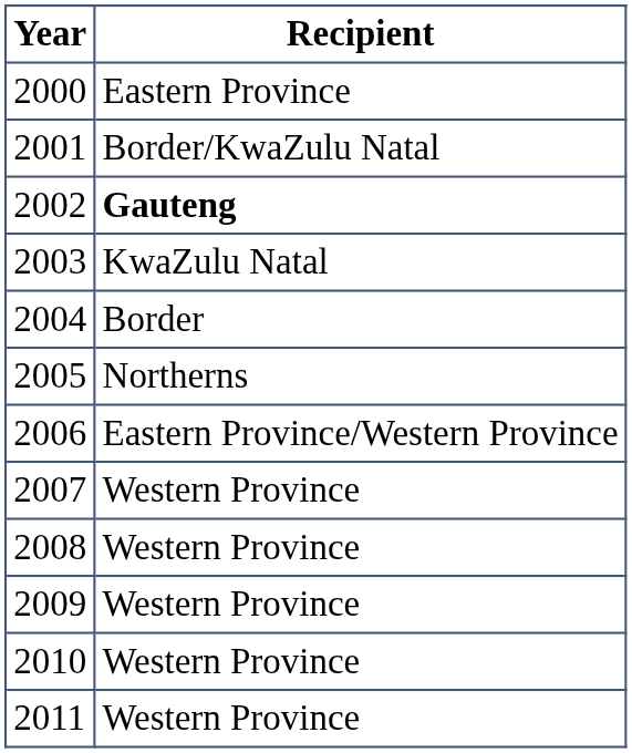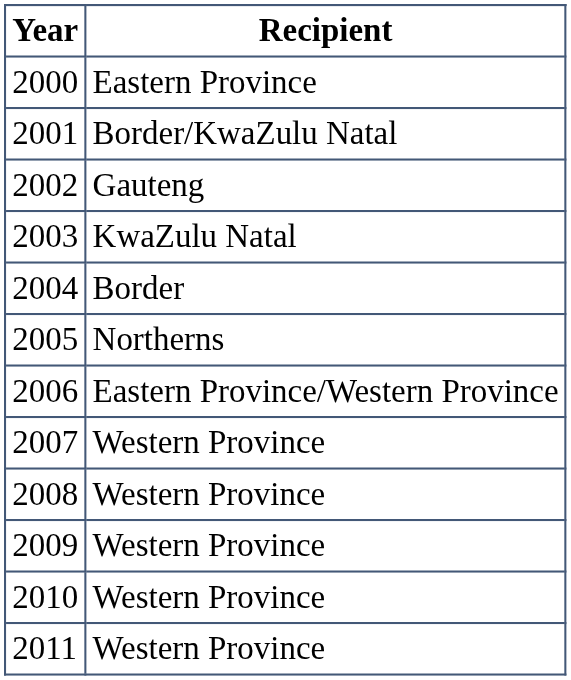 <table cellpadding="3" cellspacing="4" border="1" style="border:#435877 solid 1px; border-collapse: collapse;">
 <tr bgcolor="#d1e4fd">
 </tr>
 <tr>
 <th><strong>Year</strong></th>
 <th><strong>Recipient</strong></th>
 </tr>
 <tr>
 <td>2000</td>
 <td>Eastern Province</td>
 </tr>
 <tr>
 <td>2001</td>
 <td>Border/KwaZulu Natal</td>
 </tr>
 <tr>
 <td>2002</td>
-<td><strong>Gauteng</strong></td>
+<td>Gauteng</td>
 </tr>
 <tr>
 <td>2003</td>
 <td>KwaZulu Natal</td>
 </tr>
 <tr>
 <td>2004</td>
 <td>Border</td>
 </tr>
 <tr>
 <td>2005</td>
 <td>Northerns</td>
 </tr>
 <tr>
 <td>2006</td>
 <td>Eastern Province/Western Province</td>
 </tr>
 <tr>
 <td>2007</td>
 <td>Western Province</td>
 </tr>
 <tr>
 <td>2008</td>
 <td>Western Province</td>
 </tr>
 <tr>
 <td>2009</td>
 <td>Western Province</td>
 </tr>
 <tr>
 <td>2010</td>
 <td>Western Province</td>
 </tr>
 <tr>
 <td>2011</td>
 <td>Western Province</td>
 </tr>
 </table>
